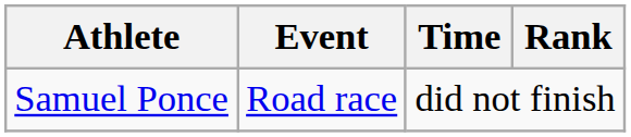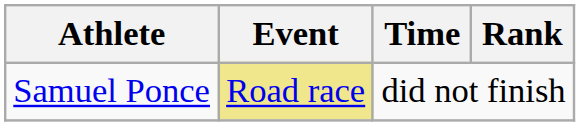 <table class="wikitable" style="text-align:center; font-size:90%">
 <tr>
 <th>Athlete</th>
 <th>Event</th>
 <th>Time</th>
 <th>Rank</th>
 </tr>
 <tr>
 <td align=left><a href='#'>Samuel Ponce</a></td>
-<td align=left><a href='#'>Road race</a></td>
+<td align=left style="background: khaki;"><a href='#'>Road race</a></td>
 <td colspan=2>did not finish</td>
 </tr>
 </table>
